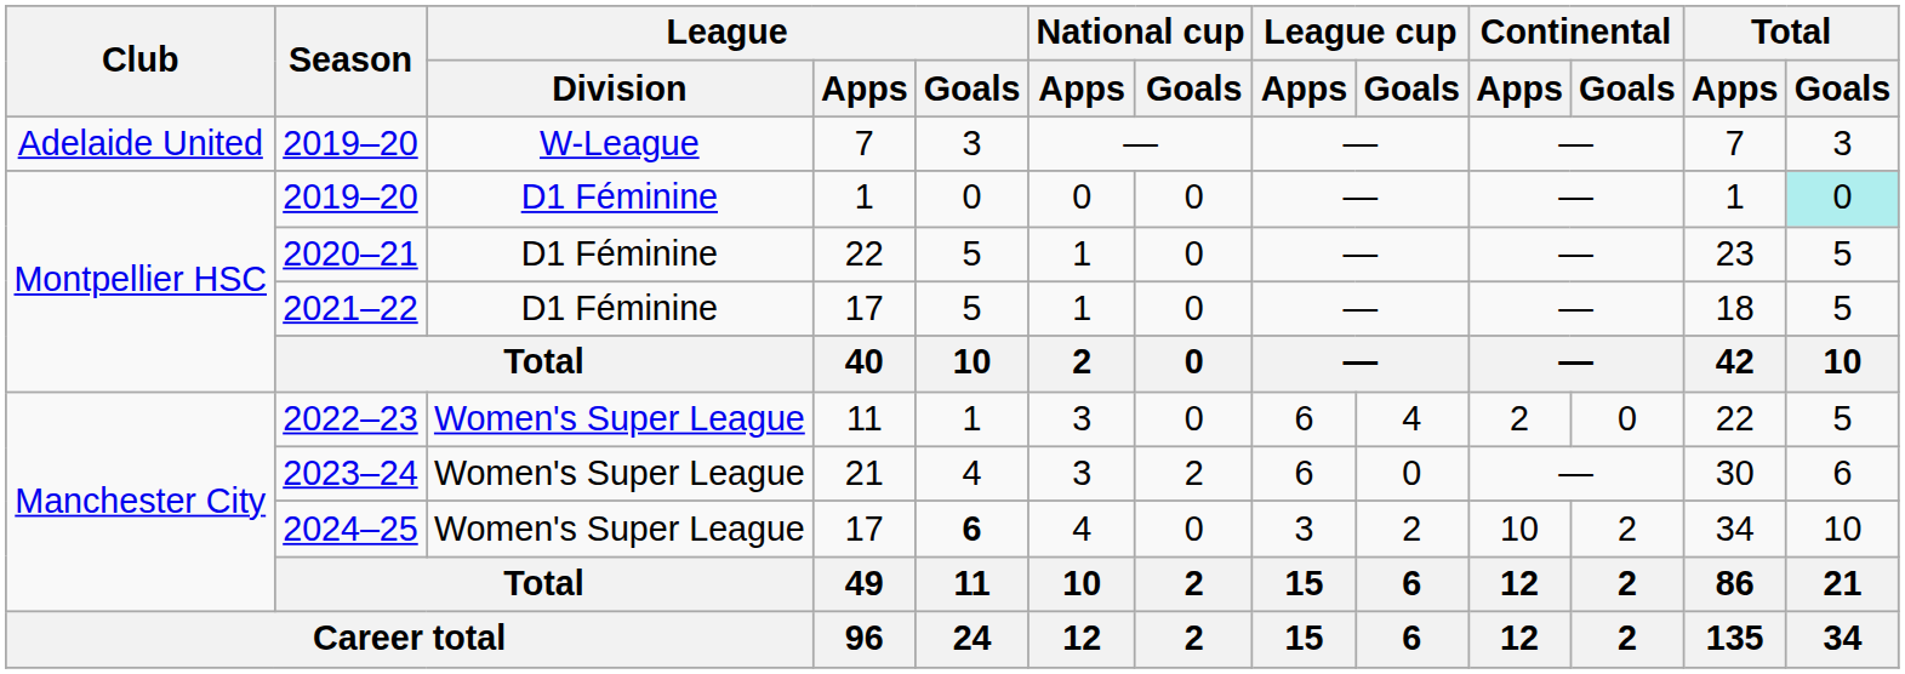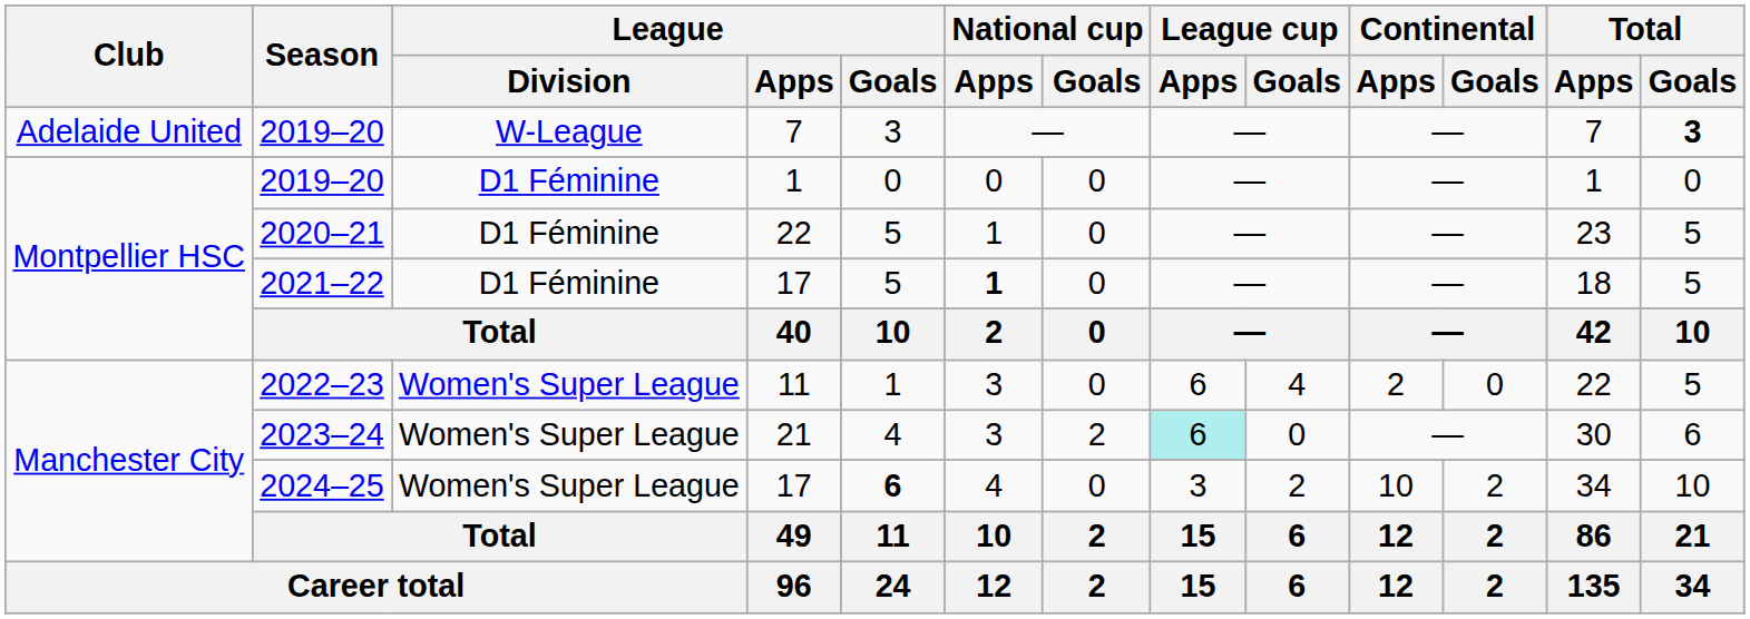 <table class="wikitable" style="text-align: center;">
 <tr>
 <th rowspan="2">Club</th>
 <th rowspan="2">Season</th>
 <th colspan="3">League</th>
 <th colspan="2">National cup</th>
 <th colspan="2">League cup</th>
 <th colspan="2">Continental</th>
 <th colspan="2">Total</th>
 </tr>
 <tr>
 <th>Division</th>
 <th>Apps</th>
 <th>Goals</th>
 <th>Apps</th>
 <th>Goals</th>
 <th>Apps</th>
 <th>Goals</th>
 <th>Apps</th>
 <th>Goals</th>
 <th>Apps</th>
 <th>Goals</th>
 </tr>
 <tr>
 <td><a href='#'>Adelaide United</a></td>
 <td><a href='#'>2019–20</a></td>
 <td><a href='#'>W-League</a></td>
 <td>7</td>
 <td>3</td>
 <td colspan="2">—</td>
 <td colspan="2">—</td>
 <td colspan="2">—</td>
 <td>7</td>
-<td>3</td>
+<td><strong>3</strong></td>
 </tr>
 <tr>
 <td rowspan="4"><a href='#'>Montpellier HSC</a></td>
 <td><a href='#'>2019–20</a></td>
 <td><a href='#'>D1 Féminine</a></td>
 <td>1</td>
 <td>0</td>
 <td>0</td>
 <td>0</td>
 <td colspan="2">—</td>
 <td colspan="2">—</td>
 <td>1</td>
-<td style="background: paleturquoise;">0</td>
+<td>0</td>
 </tr>
 <tr>
 <td><a href='#'>2020–21</a></td>
 <td>D1 Féminine</td>
 <td>22</td>
 <td>5</td>
 <td>1</td>
 <td>0</td>
 <td colspan="2">—</td>
 <td colspan="2">—</td>
 <td>23</td>
 <td>5</td>
 </tr>
 <tr>
 <td><a href='#'>2021–22</a></td>
 <td>D1 Féminine</td>
 <td>17</td>
 <td>5</td>
-<td>1</td>
+<td><strong>1</strong></td>
 <td>0</td>
 <td colspan="2">—</td>
 <td colspan="2">—</td>
 <td>18</td>
 <td>5</td>
 </tr>
 <tr>
 <th colspan="2">Total</th>
 <th>40</th>
 <th>10</th>
 <th>2</th>
 <th>0</th>
 <th colspan="2">—</th>
 <th colspan="2">—</th>
 <th>42</th>
 <th>10</th>
 </tr>
 <tr>
 <td rowspan="4"><a href='#'>Manchester City</a></td>
 <td><a href='#'>2022–23</a></td>
 <td><a href='#'>Women's Super League</a></td>
 <td>11</td>
 <td>1</td>
 <td>3</td>
 <td>0</td>
 <td>6</td>
 <td>4</td>
 <td>2</td>
 <td>0</td>
 <td>22</td>
 <td>5</td>
 </tr>
 <tr>
 <td><a href='#'>2023–24</a></td>
 <td>Women's Super League</td>
 <td>21</td>
 <td>4</td>
 <td>3</td>
 <td>2</td>
-<td>6</td>
+<td style="background: paleturquoise;">6</td>
 <td>0</td>
 <td colspan="2">—</td>
 <td>30</td>
 <td>6</td>
 </tr>
 <tr>
 <td><a href='#'>2024–25</a></td>
 <td>Women's Super League</td>
 <td>17</td>
 <td><strong>6</strong></td>
 <td>4</td>
 <td>0</td>
 <td>3</td>
 <td>2</td>
 <td>10</td>
 <td>2</td>
 <td>34</td>
 <td>10</td>
 </tr>
 <tr>
 <th colspan="2">Total</th>
 <th>49</th>
 <th>11</th>
 <th>10</th>
 <th>2</th>
 <th>15</th>
 <th>6</th>
 <th>12</th>
 <th>2</th>
 <th>86</th>
 <th>21</th>
 </tr>
 <tr>
 <th colspan="3">Career total</th>
 <th>96</th>
 <th>24</th>
 <th>12</th>
 <th>2</th>
 <th>15</th>
 <th>6</th>
 <th>12</th>
 <th>2</th>
 <th>135</th>
 <th>34</th>
 </tr>
 </table>
